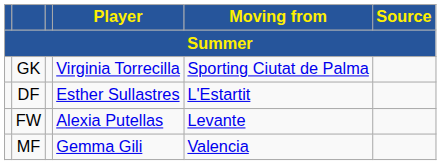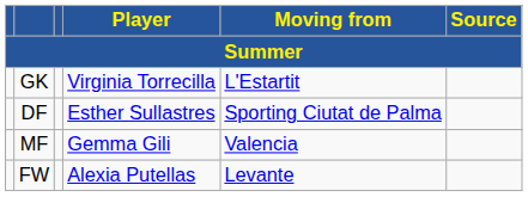 <table class="wikitable plainrowheaders sortable" style="text-align:center">
 <tr>
 <th style="background:#26559B; color:#FFF000; "></th>
 <th style="background:#26559B; color:#FFF000; "></th>
 <th style="background:#26559B; color:#FFF000; "></th>
 <th style="background:#26559B; color:#FFF000; ">Player</th>
 <th style="background:#26559B; color:#FFF000; ">Moving from</th>
 <th style="background:#26559B; color:#FFF000; ">Source</th>
 </tr>
 <tr>
 <th colspan=6 style="background:#26559B; color:#FFF000; ">Summer</th>
 </tr>
 <tr>
 <td></td>
 <td>GK</td>
 <td></td>
 <td align="left"><a href='#'>Virginia Torrecilla</a></td>
-<td align="left"><a href='#'>Sporting Ciutat de Palma</a></td>
+<td align="left"><a href='#'>L'Estartit</a></td>
 <td></td>
 </tr>
 <tr>
 <td></td>
 <td>DF</td>
 <td></td>
 <td align=left><a href='#'>Esther Sullastres</a></td>
-<td align="left"><a href='#'>L'Estartit</a></td>
+<td align="left"><a href='#'>Sporting Ciutat de Palma</a></td>
+<td></td>
+</tr>
+<tr>
+<td></td>
+<td>MF</td>
+<td></td>
+<td align=left><a href='#'>Gemma Gili</a></td>
+<td align=left><a href='#'>Valencia</a></td>
 <td></td>
 </tr>
 <tr>
 <td></td>
 <td>FW</td>
 <td></td>
 <td align=left><a href='#'>Alexia Putellas</a></td>
 <td align="left"><a href='#'>Levante</a></td>
 <td></td>
 </tr>
-<tr>
-<td></td>
-<td>MF</td>
-<td></td>
-<td align=left><a href='#'>Gemma Gili</a></td>
-<td align=left><a href='#'>Valencia</a></td>
-<td></td>
-</tr>
 </table>
